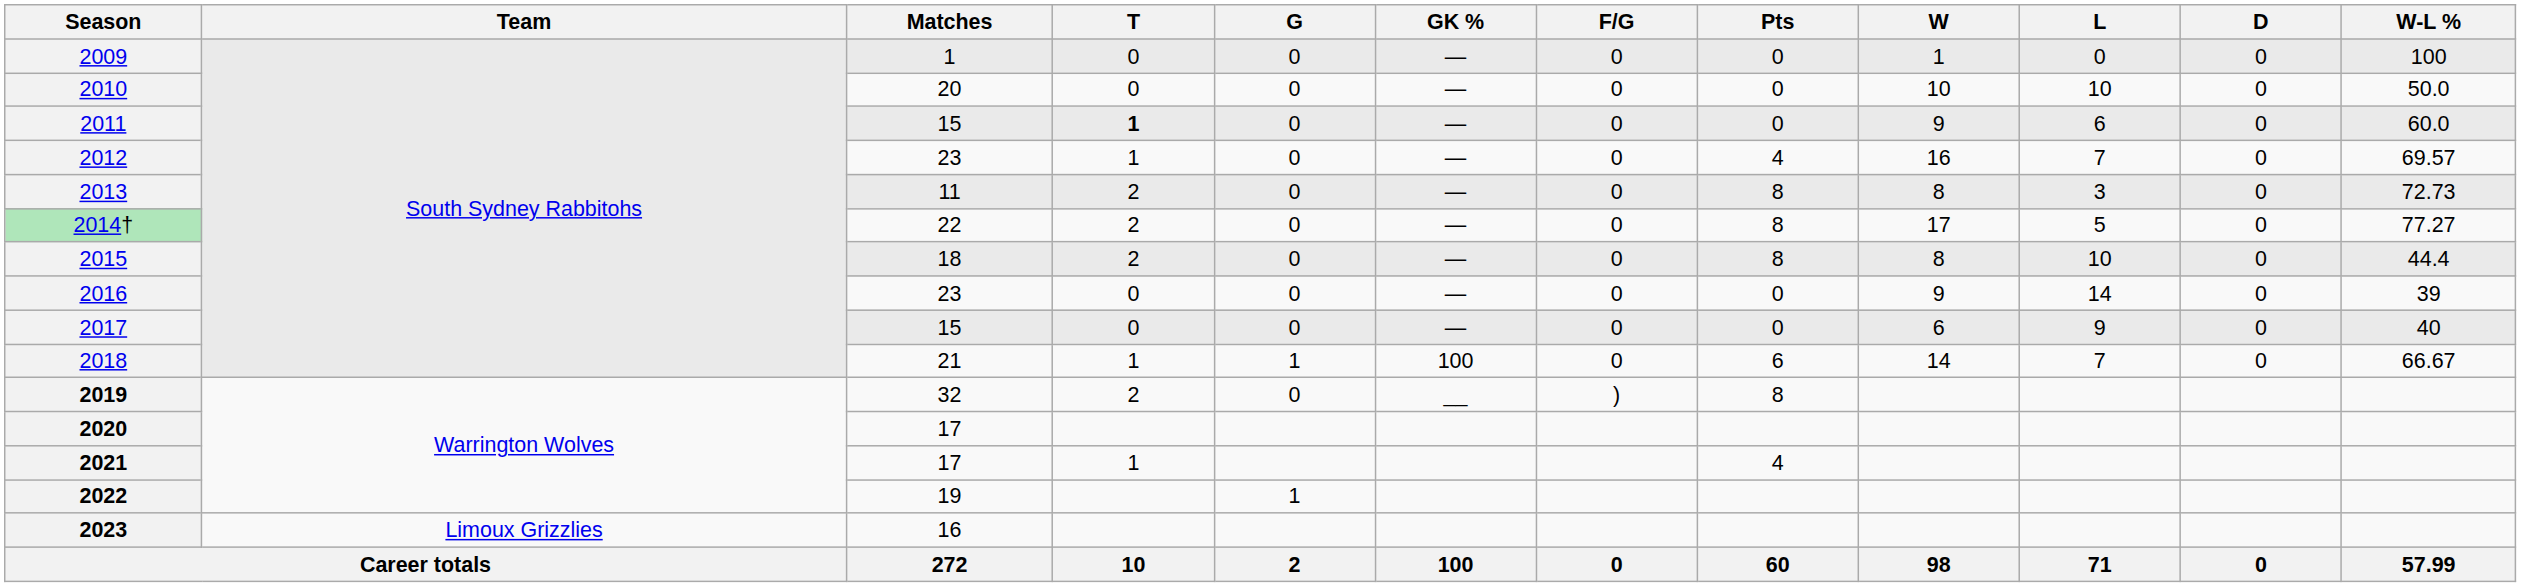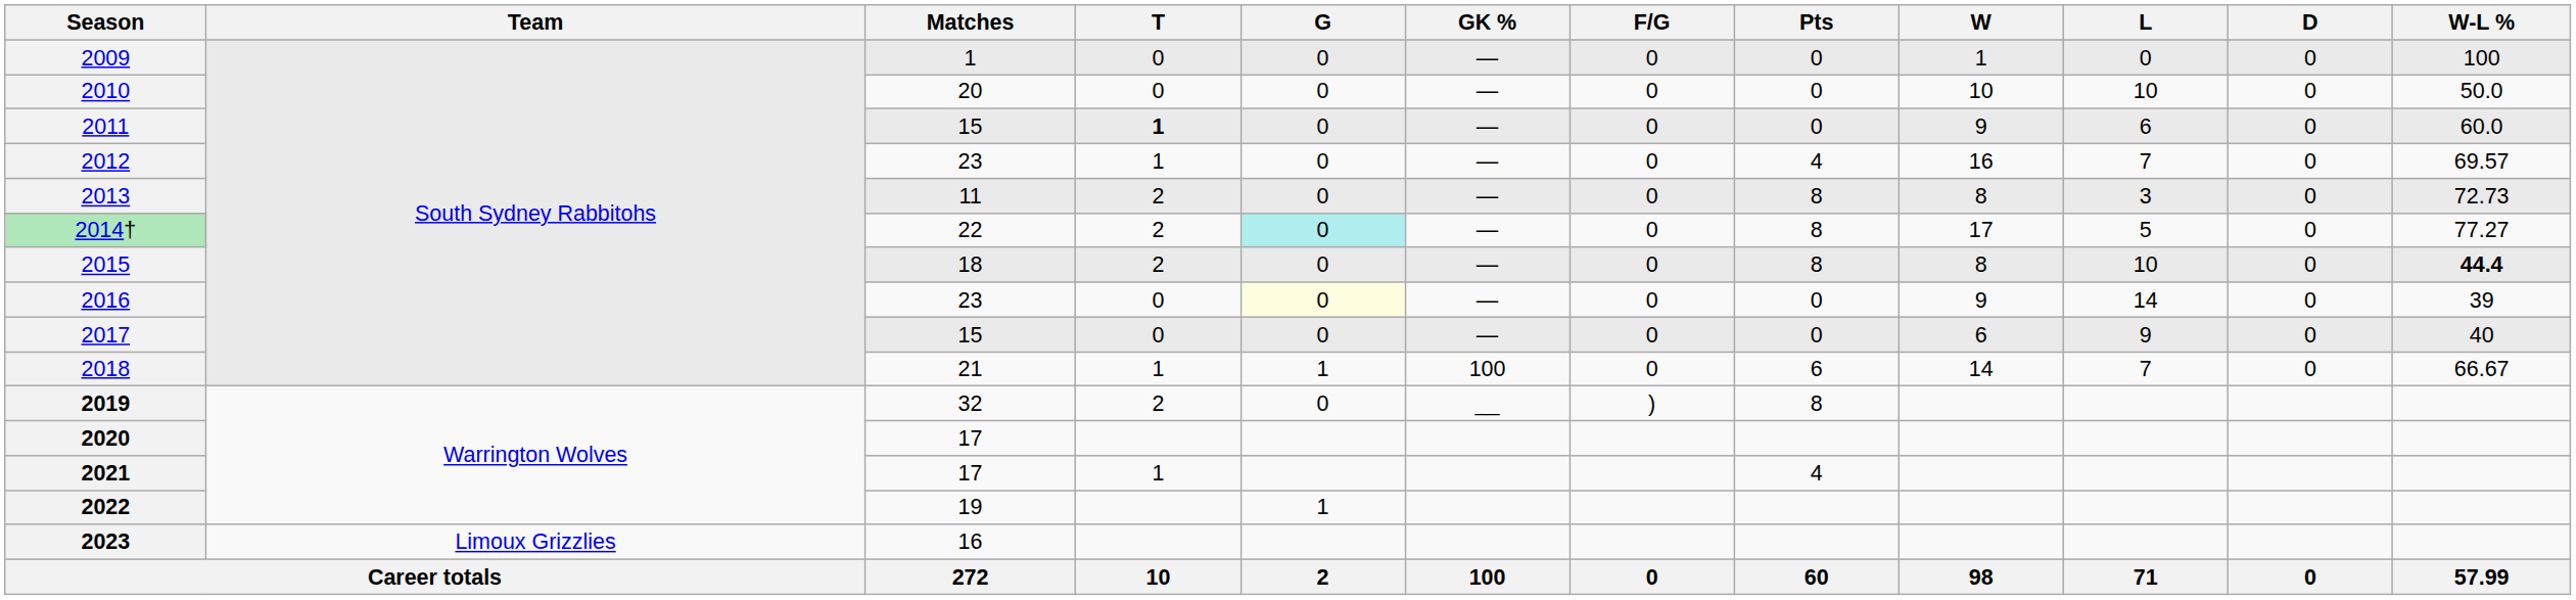 <table class="wikitable sortable"  style="font-size:90%; text-align:center; width:85%;">
 <tr>
 <th width=2%>Season</th>
 <th width=8%>Team</th>
 <th width=2%>Matches</th>
 <th width=2%>T</th>
 <th width=2%>G</th>
 <th width=2%>GK %</th>
 <th width=2%>F/G</th>
 <th width=2%>Pts</th>
 <th width=2%>W</th>
 <th width=2%>L</th>
 <th width=2%>D</th>
 <th width=2%>W-L %</th>
 </tr>
 <tr style="background:#eaeaea;">
 <th scope="row" style="text-align:center; font-weight:normal"><a href='#'>2009</a></th>
 <td rowspan="10" style="text-align:center;"> <a href='#'>South Sydney Rabbitohs</a></td>
 <td>1</td>
 <td>0</td>
 <td>0</td>
 <td>—</td>
 <td>0</td>
 <td>0</td>
 <td>1</td>
 <td>0</td>
 <td>0</td>
 <td>100</td>
 </tr>
 <tr>
 <th scope="row" style="text-align:center; font-weight:normal"><a href='#'>2010</a></th>
 <td>20</td>
 <td>0</td>
 <td>0</td>
 <td>—</td>
 <td>0</td>
 <td>0</td>
 <td>10</td>
 <td>10</td>
 <td>0</td>
 <td>50.0</td>
 </tr>
 <tr style="background:#eaeaea;">
 <th scope="row" style="text-align:center; font-weight:normal"><a href='#'>2011</a></th>
 <td>15</td>
 <td><strong>1</strong></td>
 <td>0</td>
 <td>—</td>
 <td>0</td>
 <td>0</td>
 <td>9</td>
 <td>6</td>
 <td>0</td>
 <td>60.0</td>
 </tr>
 <tr>
 <th scope="row" style="text-align:center; font-weight:normal"><a href='#'>2012</a></th>
 <td>23</td>
 <td>1</td>
 <td>0</td>
 <td>—</td>
 <td>0</td>
 <td>4</td>
 <td>16</td>
 <td>7</td>
 <td>0</td>
 <td>69.57</td>
 </tr>
 <tr style="background:#eaeaea;">
 <th scope="row" style="text-align:center; font-weight:normal"><a href='#'>2013</a></th>
 <td>11</td>
 <td>2</td>
 <td>0</td>
 <td>—</td>
 <td>0</td>
 <td>8</td>
 <td>8</td>
 <td>3</td>
 <td>0</td>
 <td>72.73</td>
 </tr>
 <tr>
 <th scope="row" style="text-align:center; background:#afe6ba; font-weight:normal"><a href='#'>2014</a>†</th>
 <td>22</td>
 <td>2</td>
-<td>0</td>
+<td style="background: paleturquoise;">0</td>
 <td>—</td>
 <td>0</td>
 <td>8</td>
 <td>17</td>
 <td>5</td>
 <td>0</td>
 <td>77.27</td>
 </tr>
 <tr style="background:#eaeaea;">
 <th scope="row" style="text-align:center; font-weight:normal"><a href='#'>2015</a></th>
 <td>18</td>
 <td>2</td>
 <td>0</td>
 <td>—</td>
 <td>0</td>
 <td>8</td>
 <td>8</td>
 <td>10</td>
 <td>0</td>
-<td>44.4</td>
+<td><strong>44.4</strong></td>
 </tr>
 <tr>
 <th scope="row" style="text-align:center; font-weight:normal"><a href='#'>2016</a></th>
 <td>23</td>
 <td>0</td>
-<td>0</td>
+<td style="background: lightyellow;">0</td>
 <td>—</td>
 <td>0</td>
 <td>0</td>
 <td>9</td>
 <td>14</td>
 <td>0</td>
 <td>39</td>
 </tr>
 <tr style="background:#eaeaea;">
 <th scope="row" style="text-align:center; font-weight:normal"><a href='#'>2017</a></th>
 <td>15</td>
 <td>0</td>
 <td>0</td>
 <td>—</td>
 <td>0</td>
 <td>0</td>
 <td>6</td>
 <td>9</td>
 <td>0</td>
 <td>40</td>
 </tr>
 <tr>
 <th scope="row" style="text-align:center; font-weight:normal"><a href='#'>2018</a></th>
 <td>21</td>
 <td>1</td>
 <td>1</td>
 <td>100</td>
 <td>0</td>
 <td>6</td>
 <td>14</td>
 <td>7</td>
 <td>0</td>
 <td>66.67</td>
 </tr>
 <tr>
 <th>2019</th>
 <td rowspan="4"> <a href='#'>Warrington Wolves</a></td>
 <td>32</td>
 <td>2</td>
 <td>0</td>
 <td>__</td>
 <td>)</td>
 <td>8</td>
 <td></td>
 <td></td>
 <td></td>
 <td></td>
 </tr>
 <tr>
 <th>2020</th>
 <td>17</td>
 <td></td>
 <td></td>
 <td></td>
 <td></td>
 <td></td>
 <td></td>
 <td></td>
 <td></td>
 <td></td>
 </tr>
 <tr>
 <th>2021</th>
 <td>17</td>
 <td>1</td>
 <td></td>
 <td></td>
 <td></td>
 <td>4</td>
 <td></td>
 <td></td>
 <td></td>
 <td></td>
 </tr>
 <tr>
 <th>2022</th>
 <td>19</td>
 <td></td>
 <td>1</td>
 <td></td>
 <td></td>
 <td></td>
 <td></td>
 <td></td>
 <td></td>
 <td></td>
 </tr>
 <tr>
 <th>2023</th>
 <td> <a href='#'>Limoux Grizzlies</a></td>
 <td>16</td>
 <td></td>
 <td></td>
 <td></td>
 <td></td>
 <td></td>
 <td></td>
 <td></td>
 <td></td>
 <td></td>
 </tr>
 <tr class="sortbottom">
 <th colspan="2">Career totals</th>
 <th>272</th>
 <th>10</th>
 <th>2</th>
 <th>100</th>
 <th>0</th>
 <th>60</th>
 <th>98</th>
 <th>71</th>
 <th>0</th>
 <th>57.99</th>
 </tr>
 </table>
